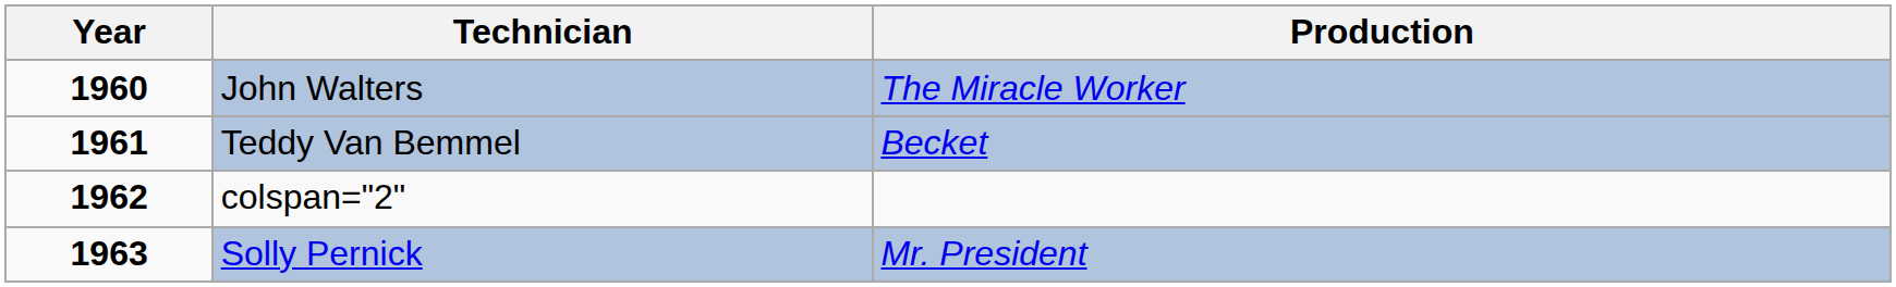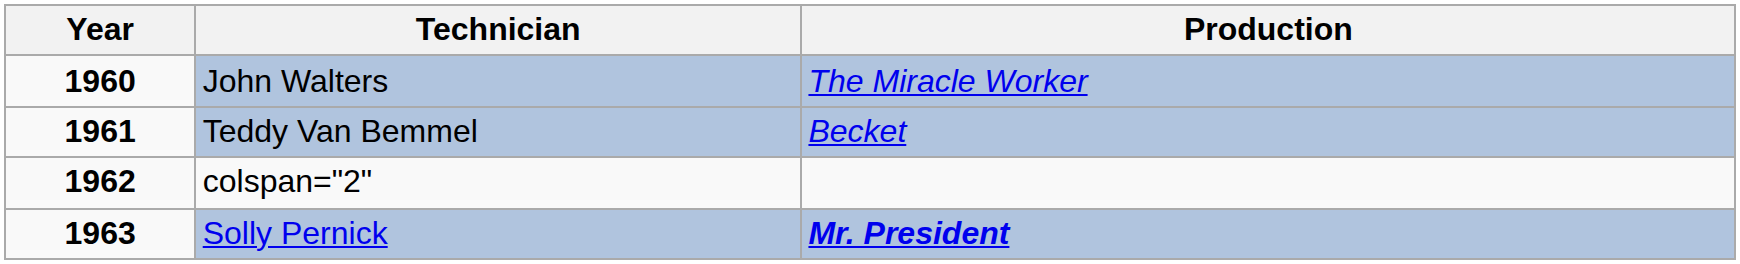 <table class="wikitable" style="width:98%;">
 <tr style="background:#bebebe;">
 <th style="width:11%;">Year</th>
 <th style="width:35%;">Technician</th>
 <th style="width:54%;">Production</th>
 </tr>
 <tr>
 <td rowspan="2" align="center"><strong>1960</strong><br></td>
 </tr>
 <tr style="background:#B0C4DE">
 <td>John Walters</td>
 <td><em><a href='#'>The Miracle Worker</a></em></td>
 </tr>
 <tr>
 <td rowspan="2" align="center"><strong>1961</strong><br></td>
 </tr>
 <tr style="background:#B0C4DE">
 <td>Teddy Van Bemmel</td>
 <td><em><a href='#'>Becket</a></em></td>
 </tr>
 <tr>
 <td align="center"><strong>1962</strong><br></td>
 <td>colspan="2" </td>
 </tr>
 <tr>
 <td rowspan="2" align="center"><strong>1963</strong><br></td>
 </tr>
 <tr style="background:#B0C4DE">
 <td><a href='#'>Solly Pernick</a></td>
-<td><em><a href='#'>Mr. President</a></em></td>
+<td><strong><em><a href='#'>Mr. President</a></em></strong></td>
 </tr>
 </table>
